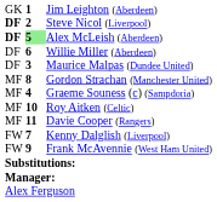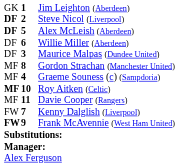 <table style="font-size:90%; margin:0.2em auto;" cellspacing="0" cellpadding="0">
 <tr>
 <th width="25"></th>
 <th width="25"></th>
 </tr>
 <tr>
 <td>GK</td>
 <td><strong>1</strong></td>
 <td><a href='#'>Jim Leighton</a> <small>(<a href='#'>Aberdeen</a>)</small></td>
 </tr>
 <tr>
 <td><strong>DF</strong></td>
 <td><strong>2</strong></td>
 <td><a href='#'>Steve Nicol</a> <small>(<a href='#'>Liverpool</a>)</small></td>
 </tr>
 <tr>
 <td><strong>DF</strong></td>
-<td style="background: lightgreen;"><strong>5</strong></td>
+<td><strong>5</strong></td>
 <td><a href='#'>Alex McLeish</a> <small>(<a href='#'>Aberdeen</a>)</small></td>
 </tr>
 <tr>
 <td>DF</td>
 <td><strong>6</strong></td>
 <td><a href='#'>Willie Miller</a> <small>(<a href='#'>Aberdeen</a>)</small></td>
 </tr>
 <tr>
 <td>DF</td>
 <td><strong>3</strong></td>
 <td><a href='#'>Maurice Malpas</a> <small>(<a href='#'>Dundee United</a>)</small></td>
 </tr>
 <tr>
 <td>MF</td>
 <td><strong>8</strong></td>
 <td><a href='#'>Gordon Strachan</a>  <small>(<a href='#'>Manchester United</a>)</small></td>
 </tr>
 <tr>
 <td>MF</td>
 <td><strong>4</strong></td>
 <td><a href='#'>Graeme Souness</a> (<a href='#'>c</a>) <small>(<a href='#'>Sampdoria</a>)</small></td>
 </tr>
 <tr>
-<td>MF</td>
+<td><strong>MF</strong></td>
 <td><strong>10</strong></td>
 <td><a href='#'>Roy Aitken</a> <small>(<a href='#'>Celtic</a>)</small></td>
 </tr>
 <tr>
 <td>MF</td>
 <td><strong>11</strong></td>
 <td><a href='#'>Davie Cooper</a> <small>(<a href='#'>Rangers</a>)</small></td>
 </tr>
 <tr>
 <td>FW</td>
 <td><strong>7</strong></td>
 <td><a href='#'>Kenny Dalglish</a> <small>(<a href='#'>Liverpool</a>)</small></td>
 </tr>
 <tr>
-<td>FW</td>
+<td><strong>FW</strong></td>
 <td><strong>9</strong></td>
 <td><a href='#'>Frank McAvennie</a> <small>(<a href='#'>West Ham United</a>)</small></td>
 </tr>
 <tr>
 <td colspan=3><strong>Substitutions:</strong></td>
 </tr>
 <tr>
 <td></td>
 <td><strong></strong></td>
 <td></td>
 </tr>
 <tr>
 <td colspan=3><strong>Manager:</strong></td>
 </tr>
 <tr>
 <td colspan="4"> <a href='#'>Alex Ferguson</a></td>
 </tr>
 </table>
